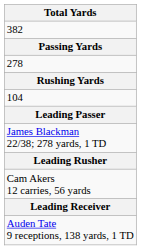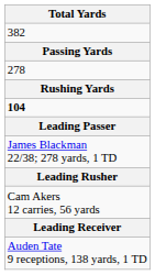 <table class="wikitable">
 <tr>
 <th>Total Yards</th>
 </tr>
 <tr>
 <td>382</td>
 </tr>
 <tr>
 <th>Passing Yards</th>
 </tr>
 <tr>
 <td>278</td>
 </tr>
 <tr>
 <th>Rushing Yards</th>
 </tr>
 <tr>
-<td>104</td>
+<td><strong>104</strong></td>
 </tr>
 <tr>
 <th>Leading Passer</th>
 </tr>
 <tr>
 <td><a href='#'>James Blackman</a><br>22/38; 278 yards, 1 TD</td>
 </tr>
 <tr>
 <th>Leading Rusher</th>
 </tr>
 <tr>
 <td>Cam Akers<br>12 carries, 56 yards</td>
 </tr>
 <tr>
 <th>Leading Receiver</th>
 </tr>
 <tr>
 <td><a href='#'>Auden Tate</a><br>9 receptions, 138 yards, 1 TD</td>
 </tr>
 </table>
